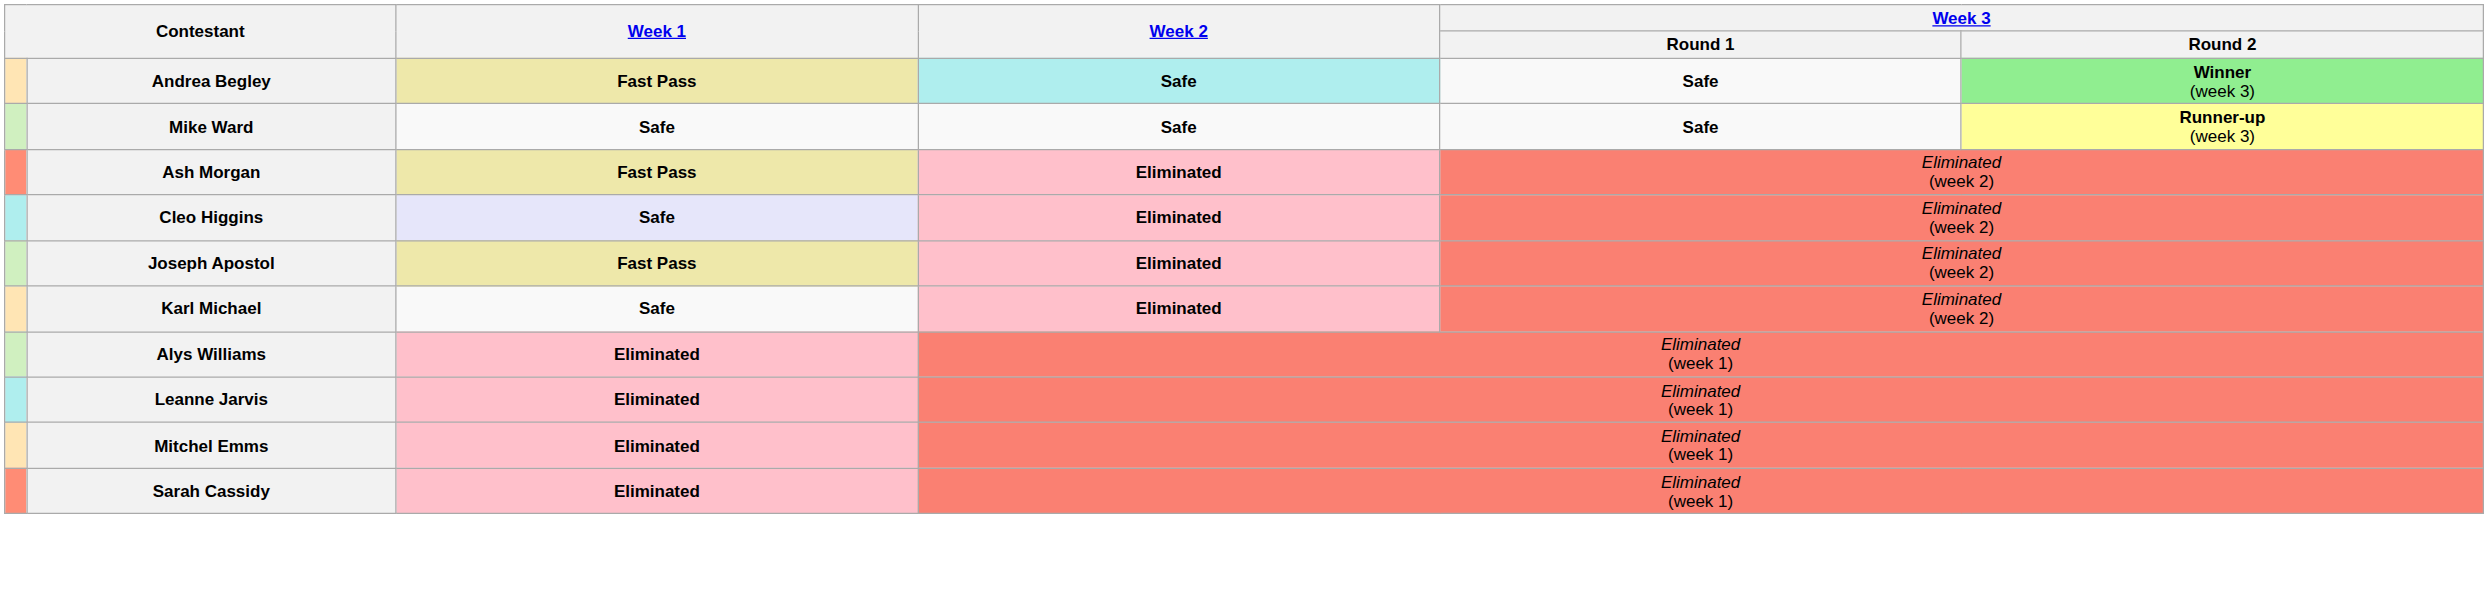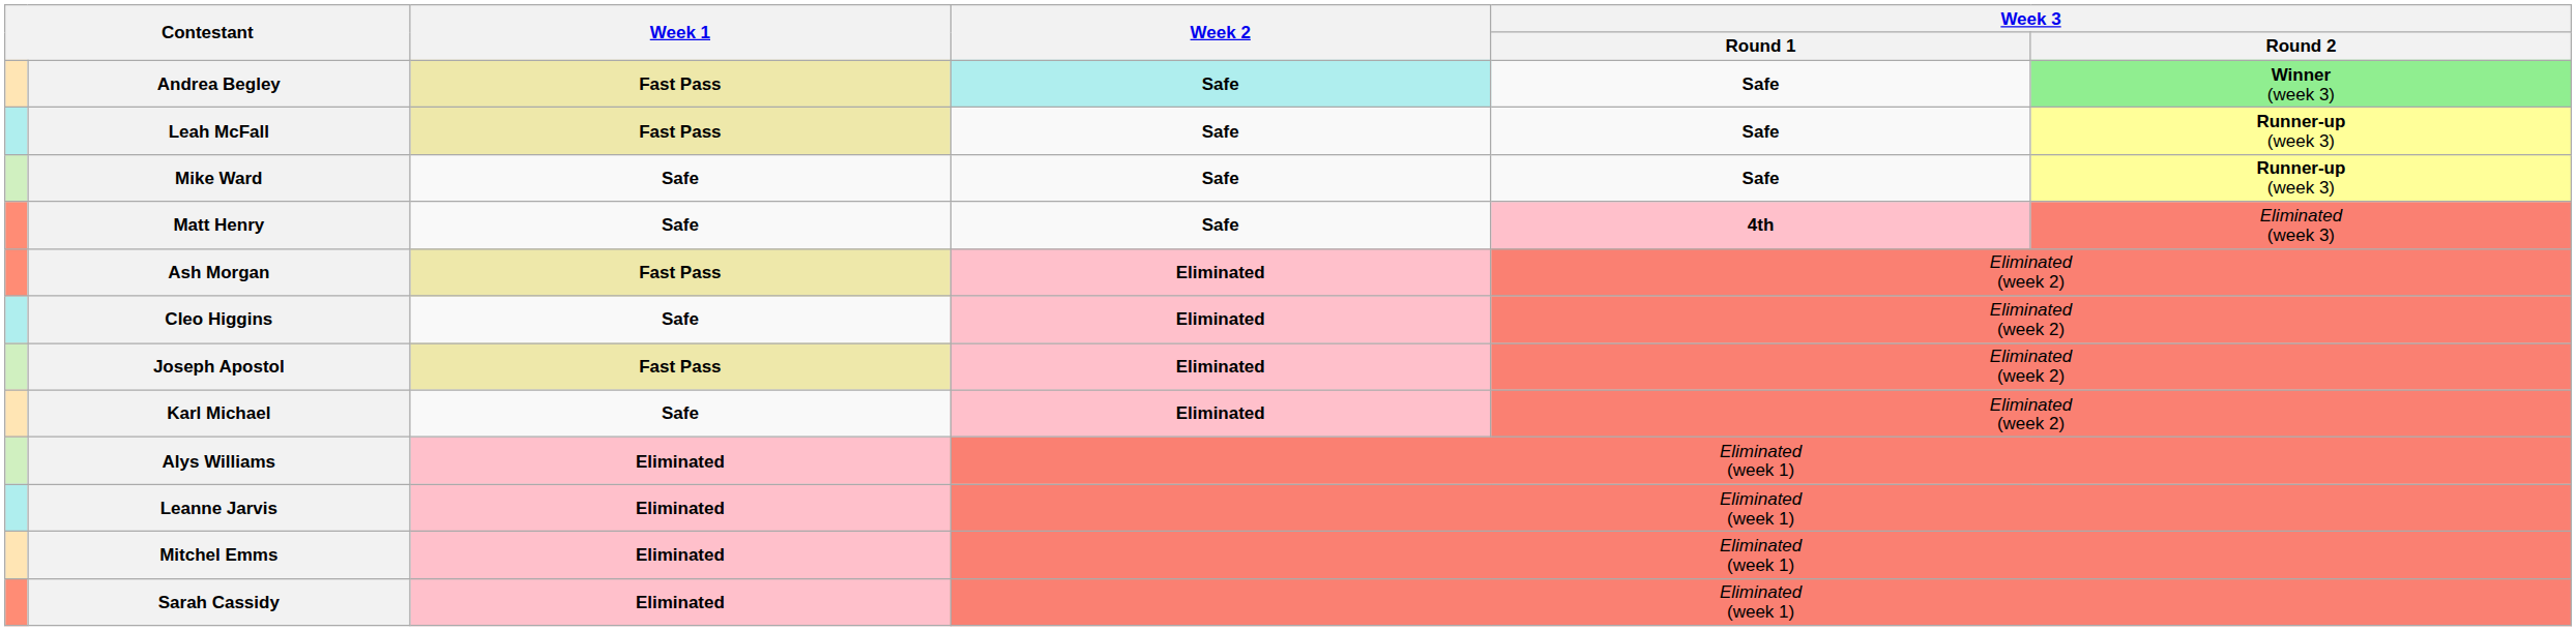 <table class="wikitable" style="text-align:center; font-size:85%; width:100%">
 <tr>
 <th rowspan="2" colspan="2" style="width:15%;">Contestant</th>
 <th scope="col" rowspan="2" style="width:20%;"><a href='#'>Week 1</a></th>
 <th scope="col" rowspan="2" style="width:20%;"><a href='#'>Week 2</a></th>
 <th scope="col" colspan="2" style="width:40%;"><a href='#'>Week 3</a></th>
 </tr>
 <tr>
 <th scope="col" style="width:20%;">Round 1</th>
 <th scope="col" style="width:20%;">Round 2</th>
 </tr>
 <tr>
 <th style="background:#ffe5b4"></th>
 <th>Andrea Begley</th>
 <td style="background:#EEE8AA;"><strong>Fast Pass</strong></td>
 <td style="background: paleturquoise;"><strong>Safe</strong></td>
 <td><strong>Safe</strong></td>
 <td style="background:lightgreen;"><strong>Winner</strong><br>(week 3)</td>
 </tr>
 <tr>
+<th style="background:#afeeee"></th>
+<th>Leah McFall</th>
+<td style="background:#EEE8AA;"><strong>Fast Pass</strong></td>
+<td><strong>Safe</strong></td>
+<td><strong>Safe</strong></td>
+<td style="background:#ff9;"><strong>Runner-up</strong><br>(week 3)</td>
+</tr>
+<tr>
 <th style="background:#d0f0c0"></th>
 <th>Mike Ward</th>
 <td><strong>Safe</strong></td>
 <td><strong>Safe</strong></td>
 <td><strong>Safe</strong></td>
 <td style="background:#ff9;"><strong>Runner-up</strong><br>(week 3)</td>
+</tr>
+<tr>
+<th style="background:#ff8c75"></th>
+<th>Matt Henry</th>
+<td><strong>Safe</strong></td>
+<td><strong>Safe</strong></td>
+<td style = "background:pink"><strong>4th</strong></td>
+<td style="background:#FA8072" colspan=1><em>Eliminated</em><br>(week 3)</td>
 </tr>
 <tr>
 <th style="background:#ff8c75"></th>
 <th>Ash Morgan</th>
 <td style="background:#EEE8AA;"><strong>Fast Pass</strong></td>
 <td style = "background:pink"><strong>Eliminated</strong></td>
 <td style="background:#FA8072" colspan=2><em>Eliminated</em><br>(week 2)</td>
 </tr>
 <tr>
 <th style="background:#afeeee"></th>
 <th>Cleo Higgins</th>
-<td style="background: lavender;"><strong>Safe</strong></td>
+<td><strong>Safe</strong></td>
 <td style = "background:pink"><strong>Eliminated</strong></td>
 <td style="background:#FA8072" colspan=2><em>Eliminated</em><br>(week 2)</td>
 </tr>
 <tr>
 <th style="background:#d0f0c0"></th>
 <th>Joseph Apostol</th>
 <td style="background:#EEE8AA;"><strong>Fast Pass</strong></td>
 <td style = "background:pink"><strong>Eliminated</strong></td>
 <td style="background:#FA8072" colspan=2><em>Eliminated</em><br>(week 2)</td>
 </tr>
 <tr>
 <th style="background:#ffe5b4"></th>
 <th>Karl Michael</th>
 <td><strong>Safe</strong></td>
 <td style = "background:pink"><strong>Eliminated</strong></td>
 <td style="background:#FA8072" colspan=2><em>Eliminated</em><br>(week 2)</td>
 </tr>
 <tr>
 <th style="background:#d0f0c0"></th>
 <th>Alys Williams</th>
 <td style = "background:pink"><strong>Eliminated</strong></td>
 <td style="background:#FA8072" colspan=3><em>Eliminated</em><br>(week 1)</td>
 </tr>
 <tr>
 <th style="background:#afeeee"></th>
 <th>Leanne Jarvis</th>
 <td style = "background:pink"><strong>Eliminated</strong></td>
 <td style="background:#FA8072" colspan=3><em>Eliminated</em><br>(week 1)</td>
 </tr>
 <tr>
 <th style="background:#ffe5b4"></th>
 <th>Mitchel Emms</th>
 <td style = "background:pink"><strong>Eliminated</strong></td>
 <td style="background:#FA8072" colspan=3><em>Eliminated</em><br>(week 1)</td>
 </tr>
 <tr>
 <th style="background:#ff8c75"></th>
 <th>Sarah Cassidy</th>
 <td style = "background:pink"><strong>Eliminated</strong></td>
 <td style="background:#FA8072" colspan=3><em>Eliminated</em><br>(week 1)</td>
 </tr>
 </table>
